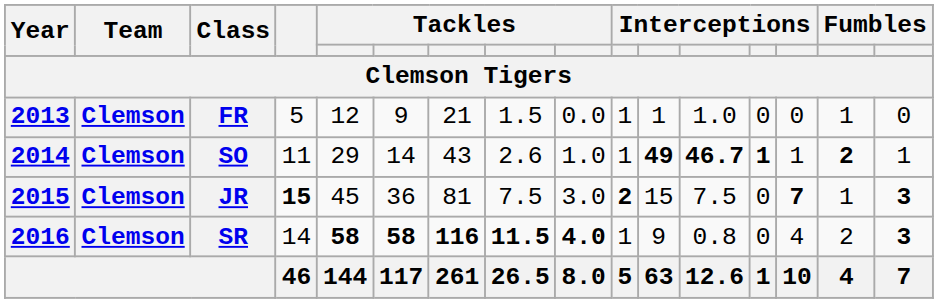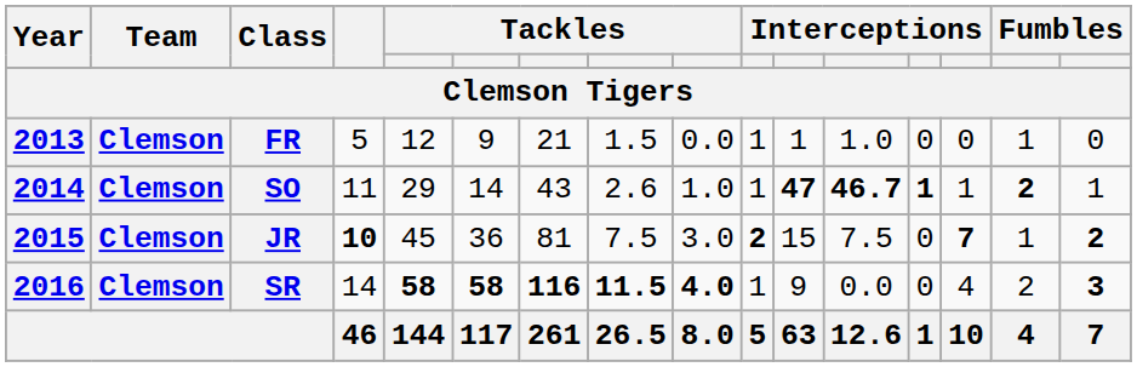 <table class="wikitable sortable" style="text-align:center;">
 <tr>
 <th rowspan="2">Year</th>
 <th rowspan="2">Team</th>
 <th rowspan="2">Class</th>
 <th rowspan="2"></th>
 <th colspan="5">Tackles</th>
 <th colspan="5">Interceptions</th>
 <th colspan="2">Fumbles</th>
 </tr>
 <tr>
 <th></th>
 <th></th>
 <th></th>
 <th></th>
 <th></th>
 <th></th>
 <th></th>
 <th></th>
 <th></th>
 <th></th>
 <th></th>
 <th></th>
 </tr>
 <tr>
 <th colspan="16">Clemson Tigers</th>
 </tr>
 <tr>
 <th><a href='#'>2013</a></th>
 <th><a href='#'>Clemson</a></th>
 <th><a href='#'>FR</a></th>
 <td>5</td>
 <td>12</td>
 <td>9</td>
 <td>21</td>
 <td>1.5</td>
 <td>0.0</td>
 <td>1</td>
 <td>1</td>
 <td>1.0</td>
 <td>0</td>
 <td>0</td>
 <td>1</td>
 <td>0</td>
 </tr>
 <tr>
 <th><a href='#'>2014</a></th>
 <th><a href='#'>Clemson</a></th>
 <th><a href='#'>SO</a></th>
 <td>11</td>
 <td>29</td>
 <td>14</td>
 <td>43</td>
 <td>2.6</td>
 <td>1.0</td>
 <td>1</td>
-<td><strong>49</strong></td>
+<td><strong>47</strong></td>
 <td><strong>46.7</strong></td>
 <td><strong>1</strong></td>
 <td>1</td>
 <td><strong>2</strong></td>
 <td>1</td>
 </tr>
 <tr>
 <th><a href='#'>2015</a></th>
 <th><a href='#'>Clemson</a></th>
 <th><a href='#'>JR</a></th>
-<td><strong>15</strong></td>
+<td><strong>10</strong></td>
 <td>45</td>
 <td>36</td>
 <td>81</td>
 <td>7.5</td>
 <td>3.0</td>
 <td><strong>2</strong></td>
 <td>15</td>
 <td>7.5</td>
 <td>0</td>
 <td><strong>7</strong></td>
 <td>1</td>
-<td><strong>3</strong></td>
+<td><strong>2</strong></td>
 </tr>
 <tr>
 <th><a href='#'>2016</a></th>
 <th><a href='#'>Clemson</a></th>
 <th><a href='#'>SR</a></th>
 <td>14</td>
 <td><strong>58</strong></td>
 <td><strong>58</strong></td>
 <td><strong>116</strong></td>
 <td><strong>11.5</strong></td>
 <td><strong>4.0</strong></td>
 <td>1</td>
 <td>9</td>
-<td>0.8</td>
+<td>0.0</td>
 <td>0</td>
 <td>4</td>
 <td>2</td>
 <td><strong>3</strong></td>
 </tr>
 <tr>
 <th colspan="3"></th>
 <th>46</th>
 <th>144</th>
 <th>117</th>
 <th>261</th>
 <th>26.5</th>
 <th>8.0</th>
 <th>5</th>
 <th>63</th>
 <th>12.6</th>
 <th>1</th>
 <th>10</th>
 <th>4</th>
 <th>7</th>
 </tr>
 </table>
